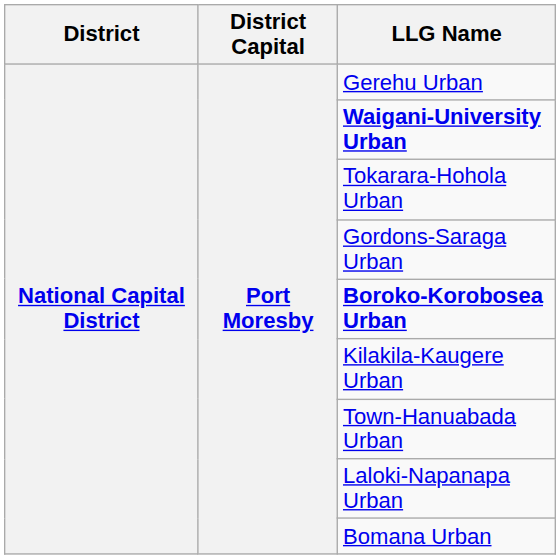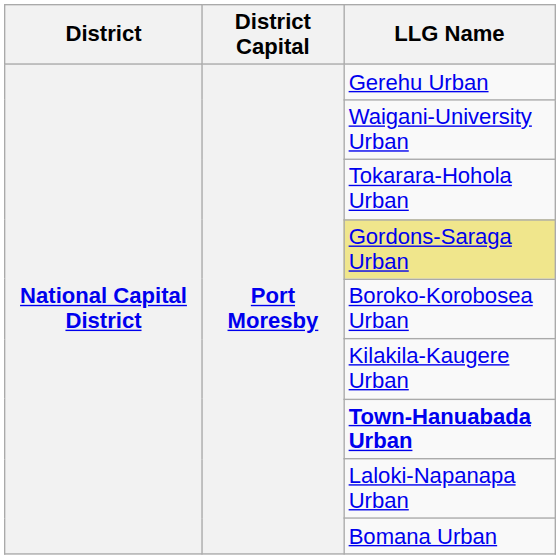 <table class="wikitable" style="text-align: left;" width="400">
 <tr>
 <th>District</th>
 <th>District Capital</th>
 <th>LLG Name</th>
 </tr>
 <tr>
 <th rowspan=9><a href='#'>National Capital District</a></th>
 <th rowspan=9><a href='#'>Port Moresby</a></th>
 <td><a href='#'>Gerehu Urban</a></td>
 </tr>
 <tr>
-<td><strong><a href='#'>Waigani-University Urban</a></strong></td>
+<td><a href='#'>Waigani-University Urban</a></td>
 </tr>
 <tr>
 <td><a href='#'>Tokarara-Hohola Urban</a></td>
 </tr>
 <tr>
-<td><a href='#'>Gordons-Saraga Urban</a></td>
+<td style="background: khaki;"><a href='#'>Gordons-Saraga Urban</a></td>
 </tr>
 <tr>
-<td><strong><a href='#'>Boroko-Korobosea Urban</a></strong></td>
+<td><a href='#'>Boroko-Korobosea Urban</a></td>
 </tr>
 <tr>
 <td><a href='#'>Kilakila-Kaugere Urban</a></td>
 </tr>
 <tr>
-<td><a href='#'>Town-Hanuabada Urban</a></td>
+<td><strong><a href='#'>Town-Hanuabada Urban</a></strong></td>
 </tr>
 <tr>
 <td><a href='#'>Laloki-Napanapa Urban</a></td>
 </tr>
 <tr>
 <td><a href='#'>Bomana Urban</a></td>
 </tr>
 </table>
